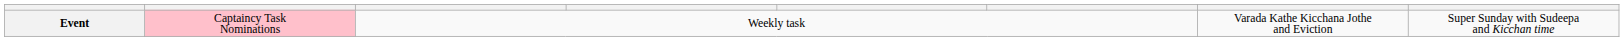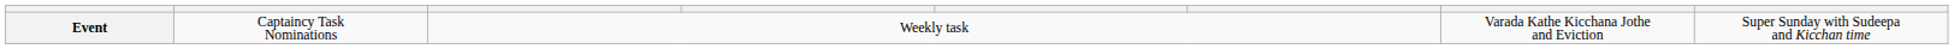 <table class="wikitable" style="text-align:center; font-size:89%; line-height:13px;">
 <tr>
 <th style="width: 4%;"></th>
 <th style="width: 6%;"></th>
 <th style="width: 6%;"></th>
 <th style="width: 6%;"></th>
 <th style="width: 6%;"></th>
 <th style="width: 6%;"></th>
 <th style="width: 6%;"></th>
 <th style="width: 6%;"></th>
 </tr>
 <tr>
 <th>Event</th>
-<td style="background: pink;">Captaincy Task<br>Nominations</td>
+<td>Captaincy Task<br>Nominations</td>
 <td colspan="4">Weekly task</td>
 <td>Varada Kathe Kicchana Jothe <br>and Eviction</td>
 <td>Super Sunday with Sudeepa <br> and <em>Kicchan time</em></td>
 </tr>
 </table>
